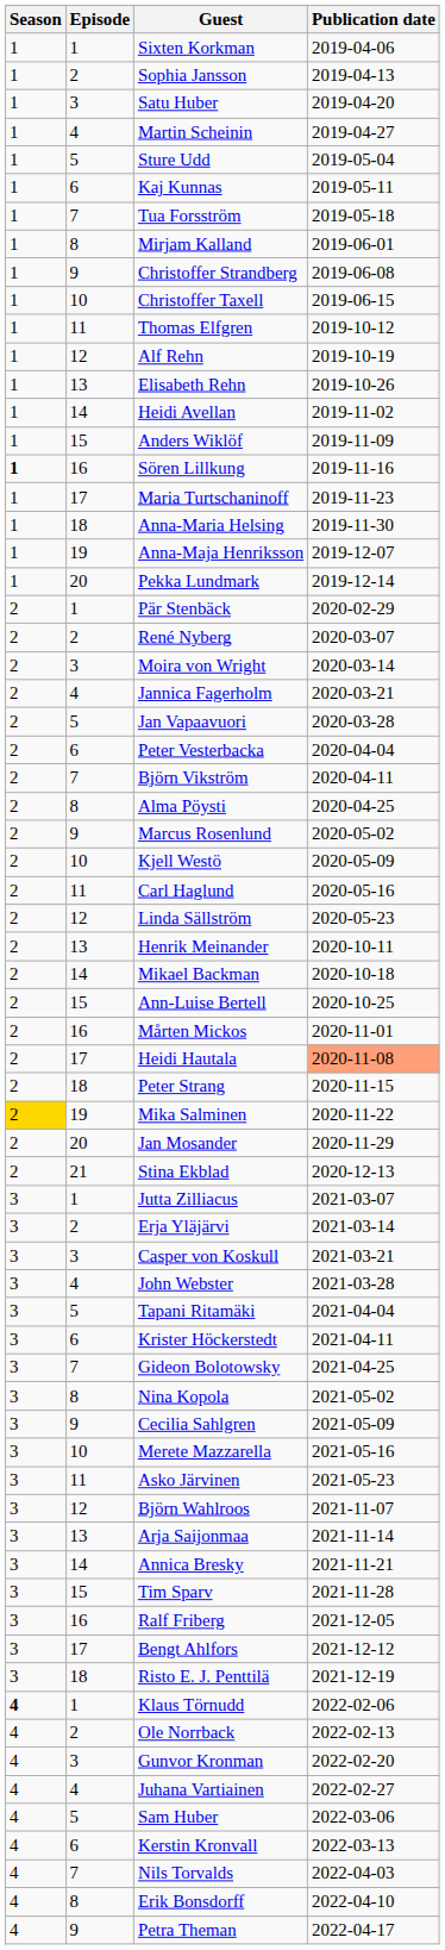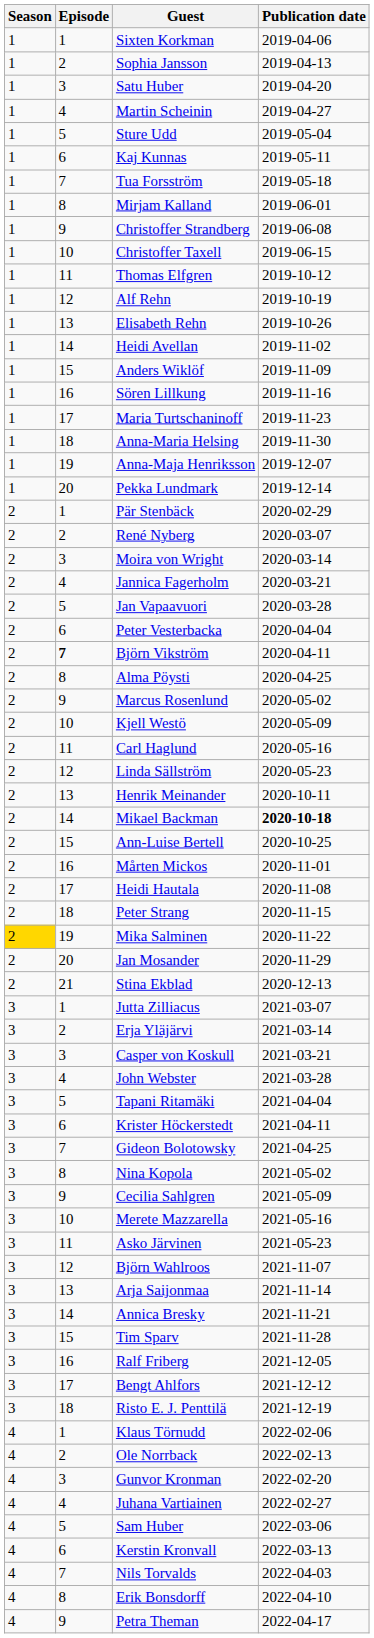 <table class="wikitable sortable">
 <tr>
 <th>Season</th>
 <th>Episode</th>
 <th>Guest</th>
 <th>Publication date</th>
 </tr>
 <tr>
 <td>1</td>
 <td>1</td>
 <td><a href='#'>Sixten Korkman</a></td>
 <td>2019-04-06 </td>
 </tr>
 <tr>
 <td>1</td>
 <td>2</td>
 <td><a href='#'>Sophia Jansson</a></td>
 <td>2019-04-13 </td>
 </tr>
 <tr>
 <td>1</td>
 <td>3</td>
 <td><a href='#'>Satu Huber</a></td>
 <td>2019-04-20 </td>
 </tr>
 <tr>
 <td>1</td>
 <td>4</td>
 <td><a href='#'>Martin Scheinin</a></td>
 <td>2019-04-27 </td>
 </tr>
 <tr>
 <td>1</td>
 <td>5</td>
 <td><a href='#'>Sture Udd</a></td>
 <td>2019-05-04 </td>
 </tr>
 <tr>
 <td>1</td>
 <td>6</td>
 <td><a href='#'>Kaj Kunnas</a></td>
 <td>2019-05-11 </td>
 </tr>
 <tr>
 <td>1</td>
 <td>7</td>
 <td><a href='#'>Tua Forsström</a></td>
 <td>2019-05-18 </td>
 </tr>
 <tr>
 <td>1</td>
 <td>8</td>
 <td><a href='#'>Mirjam Kalland</a></td>
 <td>2019-06-01 </td>
 </tr>
 <tr>
 <td>1</td>
 <td>9</td>
 <td><a href='#'>Christoffer Strandberg</a></td>
 <td>2019-06-08 </td>
 </tr>
 <tr>
 <td>1</td>
 <td>10</td>
 <td><a href='#'>Christoffer Taxell</a></td>
 <td>2019-06-15 </td>
 </tr>
 <tr>
 <td>1</td>
 <td>11</td>
 <td><a href='#'>Thomas Elfgren</a></td>
 <td>2019-10-12 </td>
 </tr>
 <tr>
 <td>1</td>
 <td>12</td>
 <td><a href='#'>Alf Rehn</a></td>
 <td>2019-10-19 </td>
 </tr>
 <tr>
 <td>1</td>
 <td>13</td>
 <td><a href='#'>Elisabeth Rehn</a></td>
 <td>2019-10-26 </td>
 </tr>
 <tr>
 <td>1</td>
 <td>14</td>
 <td><a href='#'>Heidi Avellan</a></td>
 <td>2019-11-02 </td>
 </tr>
 <tr>
 <td>1</td>
 <td>15</td>
 <td><a href='#'>Anders Wiklöf</a></td>
 <td>2019-11-09 </td>
 </tr>
 <tr>
-<td><strong>1</strong></td>
+<td>1</td>
 <td>16</td>
 <td><a href='#'>Sören Lillkung</a></td>
 <td>2019-11-16 </td>
 </tr>
 <tr>
 <td>1</td>
 <td>17</td>
 <td><a href='#'>Maria Turtschaninoff</a></td>
 <td>2019-11-23 </td>
 </tr>
 <tr>
 <td>1</td>
 <td>18</td>
 <td><a href='#'>Anna-Maria Helsing</a></td>
 <td>2019-11-30 </td>
 </tr>
 <tr>
 <td>1</td>
 <td>19</td>
 <td><a href='#'>Anna-Maja Henriksson</a></td>
 <td>2019-12-07 </td>
 </tr>
 <tr>
 <td>1</td>
 <td>20</td>
 <td><a href='#'>Pekka Lundmark</a></td>
 <td>2019-12-14 </td>
 </tr>
 <tr>
 <td>2</td>
 <td>1</td>
 <td><a href='#'>Pär Stenbäck</a></td>
 <td>2020-02-29 </td>
 </tr>
 <tr>
 <td>2</td>
 <td>2</td>
 <td><a href='#'>René Nyberg</a></td>
 <td>2020-03-07 </td>
 </tr>
 <tr>
 <td>2</td>
 <td>3</td>
 <td><a href='#'>Moira von Wright</a></td>
 <td>2020-03-14 </td>
 </tr>
 <tr>
 <td>2</td>
 <td>4</td>
 <td><a href='#'>Jannica Fagerholm</a></td>
 <td>2020-03-21 </td>
 </tr>
 <tr>
 <td>2</td>
 <td>5</td>
 <td><a href='#'>Jan Vapaavuori</a></td>
 <td>2020-03-28 </td>
 </tr>
 <tr>
 <td>2</td>
 <td>6</td>
 <td><a href='#'>Peter Vesterbacka</a></td>
 <td>2020-04-04 </td>
 </tr>
 <tr>
 <td>2</td>
-<td>7</td>
+<td><strong>7</strong></td>
 <td><a href='#'>Björn Vikström</a></td>
 <td>2020-04-11 </td>
 </tr>
 <tr>
 <td>2</td>
 <td>8</td>
 <td><a href='#'>Alma Pöysti</a></td>
 <td>2020-04-25 </td>
 </tr>
 <tr>
 <td>2</td>
 <td>9</td>
 <td><a href='#'>Marcus Rosenlund</a></td>
 <td>2020-05-02 </td>
 </tr>
 <tr>
 <td>2</td>
 <td>10</td>
 <td><a href='#'>Kjell Westö</a></td>
 <td>2020-05-09 </td>
 </tr>
 <tr>
 <td>2</td>
 <td>11</td>
 <td><a href='#'>Carl Haglund</a></td>
 <td>2020-05-16 </td>
 </tr>
 <tr>
 <td>2</td>
 <td>12</td>
 <td><a href='#'>Linda Sällström</a></td>
 <td>2020-05-23 </td>
 </tr>
 <tr>
 <td>2</td>
 <td>13</td>
 <td><a href='#'>Henrik Meinander</a></td>
 <td>2020-10-11 </td>
 </tr>
 <tr>
 <td>2</td>
 <td>14</td>
 <td><a href='#'>Mikael Backman</a></td>
-<td>2020-10-18 </td>
+<td><strong>2020-10-18 </strong></td>
 </tr>
 <tr>
 <td>2</td>
 <td>15</td>
 <td><a href='#'>Ann-Luise Bertell</a></td>
 <td>2020-10-25 </td>
 </tr>
 <tr>
 <td>2</td>
 <td>16</td>
 <td><a href='#'>Mårten Mickos</a></td>
 <td>2020-11-01 </td>
 </tr>
 <tr>
 <td>2</td>
 <td>17</td>
 <td><a href='#'>Heidi Hautala</a></td>
-<td style="background: lightsalmon;">2020-11-08 </td>
+<td>2020-11-08 </td>
 </tr>
 <tr>
 <td>2</td>
 <td>18</td>
 <td><a href='#'>Peter Strang</a></td>
 <td>2020-11-15 </td>
 </tr>
 <tr>
 <td style="background: gold;">2</td>
 <td>19</td>
 <td><a href='#'>Mika Salminen</a></td>
 <td>2020-11-22 </td>
 </tr>
 <tr>
 <td>2</td>
 <td>20</td>
 <td><a href='#'>Jan Mosander</a></td>
 <td>2020-11-29 </td>
 </tr>
 <tr>
 <td>2</td>
 <td>21</td>
 <td><a href='#'>Stina Ekblad</a></td>
 <td>2020-12-13 </td>
 </tr>
 <tr>
 <td>3</td>
 <td>1</td>
 <td><a href='#'>Jutta Zilliacus</a></td>
 <td>2021-03-07 </td>
 </tr>
 <tr>
 <td>3</td>
 <td>2</td>
 <td><a href='#'>Erja Yläjärvi</a></td>
 <td>2021-03-14 </td>
 </tr>
 <tr>
 <td>3</td>
 <td>3</td>
 <td><a href='#'>Casper von Koskull</a></td>
 <td>2021-03-21 </td>
 </tr>
 <tr>
 <td>3</td>
 <td>4</td>
 <td><a href='#'>John Webster</a></td>
 <td>2021-03-28 </td>
 </tr>
 <tr>
 <td>3</td>
 <td>5</td>
 <td><a href='#'>Tapani Ritamäki</a></td>
 <td>2021-04-04 </td>
 </tr>
 <tr>
 <td>3</td>
 <td>6</td>
 <td><a href='#'>Krister Höckerstedt</a></td>
 <td>2021-04-11 </td>
 </tr>
 <tr>
 <td>3</td>
 <td>7</td>
 <td><a href='#'>Gideon Bolotowsky</a></td>
 <td>2021-04-25 </td>
 </tr>
 <tr>
 <td>3</td>
 <td>8</td>
 <td><a href='#'>Nina Kopola</a></td>
 <td>2021-05-02 </td>
 </tr>
 <tr>
 <td>3</td>
 <td>9</td>
 <td><a href='#'>Cecilia Sahlgren</a></td>
 <td>2021-05-09 </td>
 </tr>
 <tr>
 <td>3</td>
 <td>10</td>
 <td><a href='#'>Merete Mazzarella</a></td>
 <td>2021-05-16 </td>
 </tr>
 <tr>
 <td>3</td>
 <td>11</td>
 <td><a href='#'>Asko Järvinen</a></td>
 <td>2021-05-23 </td>
 </tr>
 <tr>
 <td>3</td>
 <td>12</td>
 <td><a href='#'>Björn Wahlroos</a></td>
 <td>2021-11-07 </td>
 </tr>
 <tr>
 <td>3</td>
 <td>13</td>
 <td><a href='#'>Arja Saijonmaa</a></td>
 <td>2021-11-14 </td>
 </tr>
 <tr>
 <td>3</td>
 <td>14</td>
 <td><a href='#'>Annica Bresky</a></td>
 <td>2021-11-21 </td>
 </tr>
 <tr>
 <td>3</td>
 <td>15</td>
 <td><a href='#'>Tim Sparv</a></td>
 <td>2021-11-28 </td>
 </tr>
 <tr>
 <td>3</td>
 <td>16</td>
 <td><a href='#'>Ralf Friberg</a></td>
 <td>2021-12-05 </td>
 </tr>
 <tr>
 <td>3</td>
 <td>17</td>
 <td><a href='#'>Bengt Ahlfors</a></td>
 <td>2021-12-12 </td>
 </tr>
 <tr>
 <td>3</td>
 <td>18</td>
 <td><a href='#'>Risto E. J. Penttilä</a></td>
 <td>2021-12-19 </td>
 </tr>
 <tr>
-<td><strong>4</strong></td>
+<td>4</td>
 <td>1</td>
 <td><a href='#'>Klaus Törnudd</a></td>
 <td>2022-02-06 </td>
 </tr>
 <tr>
 <td>4</td>
 <td>2</td>
 <td><a href='#'>Ole Norrback</a></td>
 <td>2022-02-13 </td>
 </tr>
 <tr>
 <td>4</td>
 <td>3</td>
 <td><a href='#'>Gunvor Kronman</a></td>
 <td>2022-02-20 </td>
 </tr>
 <tr>
 <td>4</td>
 <td>4</td>
 <td><a href='#'>Juhana Vartiainen</a></td>
 <td>2022-02-27 </td>
 </tr>
 <tr>
 <td>4</td>
 <td>5</td>
 <td><a href='#'>Sam Huber</a></td>
 <td>2022-03-06 </td>
 </tr>
 <tr>
 <td>4</td>
 <td>6</td>
 <td><a href='#'>Kerstin Kronvall</a></td>
 <td>2022-03-13 </td>
 </tr>
 <tr>
 <td>4</td>
 <td>7</td>
 <td><a href='#'>Nils Torvalds</a></td>
 <td>2022-04-03 </td>
 </tr>
 <tr>
 <td>4</td>
 <td>8</td>
 <td><a href='#'>Erik Bonsdorff</a></td>
 <td>2022-04-10 </td>
 </tr>
 <tr>
 <td>4</td>
 <td>9</td>
 <td><a href='#'>Petra Theman</a></td>
 <td>2022-04-17 </td>
 </tr>
 </table>
